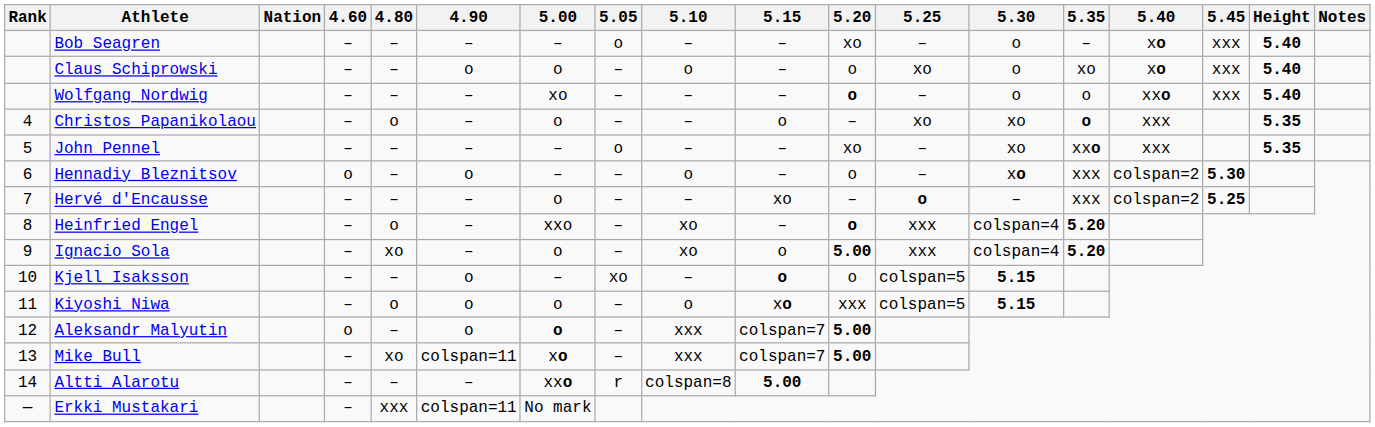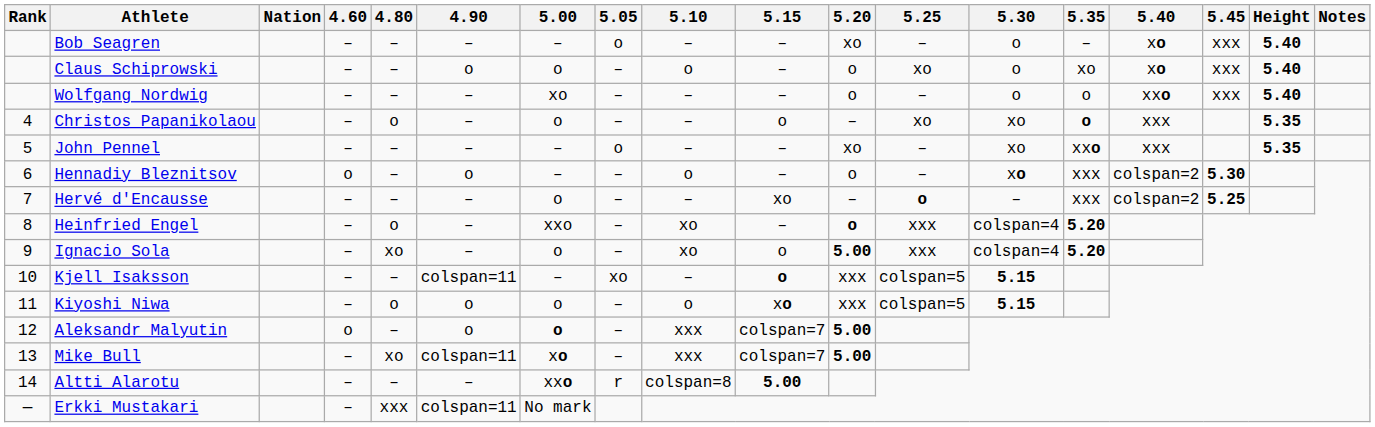 <table class="wikitable sortable" style="text-align:center;">
 <tr>
 <th>Rank</th>
 <th>Athlete</th>
 <th>Nation</th>
 <th>4.60</th>
 <th>4.80</th>
 <th>4.90</th>
 <th>5.00</th>
 <th>5.05</th>
 <th>5.10</th>
 <th>5.15</th>
 <th>5.20</th>
 <th>5.25</th>
 <th>5.30</th>
 <th>5.35</th>
 <th>5.40</th>
 <th>5.45</th>
 <th>Height</th>
 <th>Notes</th>
 </tr>
 <tr>
 <td></td>
 <td align="left"><a href='#'>Bob Seagren</a></td>
 <td align="left"></td>
 <td>–</td>
 <td>–</td>
 <td>–</td>
 <td>–</td>
 <td>o</td>
 <td>–</td>
 <td>–</td>
 <td>xo</td>
 <td>–</td>
 <td>o</td>
 <td>–</td>
 <td>x<strong>o</strong></td>
 <td>xxx</td>
 <td><strong>5.40</strong></td>
 <td></td>
 </tr>
 <tr>
 <td></td>
 <td align="left"><a href='#'>Claus Schiprowski</a></td>
 <td align="left"></td>
 <td>–</td>
 <td>–</td>
 <td>o</td>
 <td>o</td>
 <td>–</td>
 <td>o</td>
 <td>–</td>
 <td>o</td>
 <td>xo</td>
 <td>o</td>
 <td>xo</td>
 <td>x<strong>o</strong></td>
 <td>xxx</td>
 <td><strong>5.40</strong></td>
 <td></td>
 </tr>
 <tr>
 <td></td>
 <td align="left"><a href='#'>Wolfgang Nordwig</a></td>
 <td align="left"></td>
 <td>–</td>
 <td>–</td>
 <td>–</td>
 <td>xo</td>
 <td>–</td>
 <td>–</td>
 <td>–</td>
-<td><strong>o</strong></td>
+<td>o</td>
 <td>–</td>
 <td>o</td>
 <td>o</td>
 <td>xx<strong>o</strong></td>
 <td>xxx</td>
 <td><strong>5.40</strong></td>
 <td></td>
 </tr>
 <tr>
 <td>4</td>
 <td align="left"><a href='#'>Christos Papanikolaou</a></td>
 <td align="left"></td>
 <td>–</td>
 <td>o</td>
 <td>–</td>
 <td>o</td>
 <td>–</td>
 <td>–</td>
 <td>o</td>
 <td>–</td>
 <td>xo</td>
 <td>xo</td>
 <td><strong>o</strong></td>
 <td>xxx</td>
 <td></td>
 <td><strong>5.35</strong></td>
 <td></td>
 </tr>
 <tr>
 <td>5</td>
 <td align="left"><a href='#'>John Pennel</a></td>
 <td align="left"></td>
 <td>–</td>
 <td>–</td>
 <td>–</td>
 <td>–</td>
 <td>o</td>
 <td>–</td>
 <td>–</td>
 <td>xo</td>
 <td>–</td>
 <td>xo</td>
 <td>xx<strong>o</strong></td>
 <td>xxx</td>
 <td></td>
 <td><strong>5.35</strong></td>
 <td></td>
 </tr>
 <tr>
 <td>6</td>
 <td align="left"><a href='#'>Hennadiy Bleznitsov</a></td>
 <td align="left"></td>
 <td>o</td>
 <td>–</td>
 <td>o</td>
 <td>–</td>
 <td>–</td>
 <td>o</td>
 <td>–</td>
 <td>o</td>
 <td>–</td>
 <td>x<strong>o</strong></td>
 <td>xxx</td>
 <td>colspan=2 </td>
 <td><strong>5.30</strong></td>
 <td></td>
 </tr>
 <tr>
 <td>7</td>
 <td align="left"><a href='#'>Hervé d'Encausse</a></td>
 <td align="left"></td>
 <td>–</td>
 <td>–</td>
 <td>–</td>
 <td>o</td>
 <td>–</td>
 <td>–</td>
 <td>xo</td>
 <td>–</td>
 <td><strong>o</strong></td>
 <td>–</td>
 <td>xxx</td>
 <td>colspan=2 </td>
 <td><strong>5.25</strong></td>
 <td></td>
 </tr>
 <tr>
 <td>8</td>
 <td align="left"><a href='#'>Heinfried Engel</a></td>
 <td align="left"></td>
 <td>–</td>
 <td>o</td>
 <td>–</td>
 <td>xxo</td>
 <td>–</td>
 <td>xo</td>
 <td>–</td>
 <td><strong>o</strong></td>
 <td>xxx</td>
 <td>colspan=4 </td>
 <td><strong>5.20</strong></td>
 <td></td>
 </tr>
 <tr>
 <td>9</td>
 <td align="left"><a href='#'>Ignacio Sola</a></td>
 <td align="left"></td>
 <td>–</td>
 <td>xo</td>
 <td>–</td>
 <td>o</td>
 <td>–</td>
 <td>xo</td>
 <td>o</td>
 <td><strong>5.00</strong></td>
 <td>xxx</td>
 <td>colspan=4 </td>
 <td><strong>5.20</strong></td>
 <td></td>
 </tr>
 <tr>
 <td>10</td>
 <td align="left"><a href='#'>Kjell Isaksson</a></td>
 <td align="left"></td>
 <td>–</td>
 <td>–</td>
-<td>o</td>
+<td>colspan=11 </td>
 <td>–</td>
 <td>xo</td>
 <td>–</td>
 <td><strong>o</strong></td>
-<td>o</td>
+<td>xxx</td>
 <td>colspan=5 </td>
 <td><strong>5.15</strong></td>
 <td></td>
 </tr>
 <tr>
 <td>11</td>
 <td align="left"><a href='#'>Kiyoshi Niwa</a></td>
 <td align="left"></td>
 <td>–</td>
 <td>o</td>
 <td>o</td>
 <td>o</td>
 <td>–</td>
 <td>o</td>
 <td>x<strong>o</strong></td>
 <td>xxx</td>
 <td>colspan=5 </td>
 <td><strong>5.15</strong></td>
 <td></td>
 </tr>
 <tr>
 <td>12</td>
 <td align="left"><a href='#'>Aleksandr Malyutin</a></td>
 <td align="left"></td>
 <td>o</td>
 <td>–</td>
 <td>o</td>
 <td><strong>o</strong></td>
 <td>–</td>
 <td>xxx</td>
 <td>colspan=7 </td>
 <td><strong>5.00</strong></td>
 <td></td>
 </tr>
 <tr>
 <td>13</td>
 <td align="left"><a href='#'>Mike Bull</a></td>
 <td align="left"></td>
 <td>–</td>
 <td>xo</td>
 <td>colspan=11 </td>
 <td>x<strong>o</strong></td>
 <td>–</td>
 <td>xxx</td>
 <td>colspan=7 </td>
 <td><strong>5.00</strong></td>
 <td></td>
 </tr>
 <tr>
 <td>14</td>
 <td align="left"><a href='#'>Altti Alarotu</a></td>
 <td align="left"></td>
 <td>–</td>
 <td>–</td>
 <td>–</td>
 <td>xx<strong>o</strong></td>
 <td>r</td>
 <td>colspan=8 </td>
 <td><strong>5.00</strong></td>
 <td></td>
 </tr>
 <tr>
 <td data-sort-value=15>—</td>
 <td align="left"><a href='#'>Erkki Mustakari</a></td>
 <td align="left"></td>
 <td>–</td>
 <td>xxx</td>
 <td>colspan=11 </td>
 <td data-sort-value=1.00>No mark</td>
 <td></td>
 </tr>
 </table>
